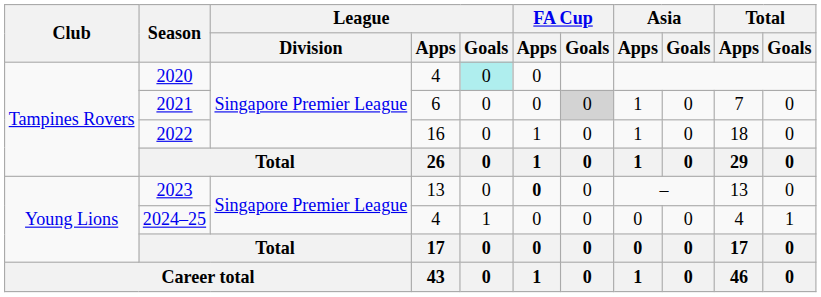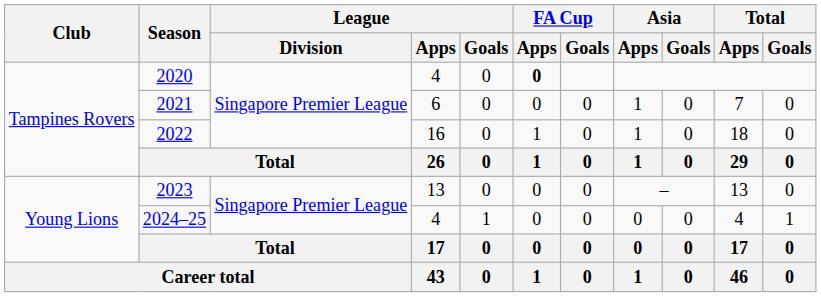 <table class="wikitable" style="text-align: center">
 <tr>
 <th rowspan="2">Club</th>
 <th rowspan="2">Season</th>
 <th colspan="3">League</th>
 <th colspan="2"><a href='#'>FA Cup</a></th>
 <th colspan="2">Asia</th>
 <th colspan="2">Total</th>
 </tr>
 <tr>
 <th>Division</th>
 <th>Apps</th>
 <th>Goals</th>
 <th>Apps</th>
 <th>Goals</th>
 <th>Apps</th>
 <th>Goals</th>
 <th>Apps</th>
 <th>Goals</th>
 </tr>
 <tr>
 <td rowspan="4"><a href='#'>Tampines Rovers</a></td>
 <td><a href='#'>2020</a></td>
 <td rowspan="3"><a href='#'>Singapore Premier League</a></td>
 <td>4</td>
-<td style="background: paleturquoise;">0</td>
 <td>0</td>
+<td><strong>0</strong></td>
 <td></td>
 </tr>
 <tr>
 <td><a href='#'>2021</a></td>
 <td>6</td>
 <td>0</td>
 <td>0</td>
-<td style="background: lightgrey;">0</td>
+<td>0</td>
 <td>1</td>
 <td>0</td>
 <td>7</td>
 <td>0</td>
 </tr>
 <tr>
 <td><a href='#'>2022</a></td>
 <td>16</td>
 <td>0</td>
 <td>1</td>
 <td>0</td>
 <td>1</td>
 <td>0</td>
 <td>18</td>
 <td>0</td>
 </tr>
 <tr>
 <th colspan=2>Total</th>
 <th>26</th>
 <th>0</th>
 <th>1</th>
 <th>0</th>
 <th>1</th>
 <th>0</th>
 <th>29</th>
 <th>0</th>
 </tr>
 <tr>
 <td rowspan="3"><a href='#'>Young Lions</a></td>
 <td><a href='#'>2023</a></td>
 <td rowspan="2"><a href='#'>Singapore Premier League</a></td>
 <td>13</td>
 <td>0</td>
-<td><strong>0</strong></td>
+<td>0</td>
 <td>0</td>
 <td colspan="2">–</td>
 <td>13</td>
 <td>0</td>
 </tr>
 <tr>
 <td><a href='#'>2024–25</a></td>
 <td>4</td>
 <td>1</td>
 <td>0</td>
 <td>0</td>
 <td>0</td>
 <td>0</td>
 <td>4</td>
 <td>1</td>
 </tr>
 <tr>
 <th colspan="2">Total</th>
 <th>17</th>
 <th>0</th>
 <th>0</th>
 <th>0</th>
 <th>0</th>
 <th>0</th>
 <th>17</th>
 <th>0</th>
 </tr>
 <tr>
 <th colspan="3">Career total</th>
 <th>43</th>
 <th>0</th>
 <th>1</th>
 <th>0</th>
 <th>1</th>
 <th>0</th>
 <th>46</th>
 <th>0</th>
 </tr>
 </table>
